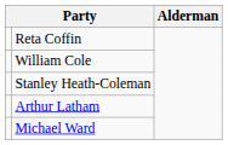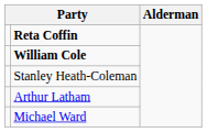 <table class="wikitable">
 <tr>
 <th colspan="2">Party</th>
 <th>Alderman</th>
 </tr>
 <tr>
 <td></td>
-<td>Reta Coffin</td>
+<td><strong>Reta Coffin</strong></td>
 </tr>
 <tr>
 <td></td>
-<td>William Cole</td>
+<td><strong>William Cole</strong></td>
 </tr>
 <tr>
 <td></td>
 <td>Stanley Heath-Coleman</td>
 </tr>
 <tr>
 <td></td>
 <td><a href='#'>Arthur Latham</a></td>
 </tr>
 <tr>
 <td></td>
 <td><a href='#'>Michael Ward</a></td>
 </tr>
 </table>
